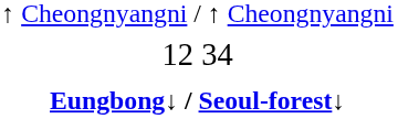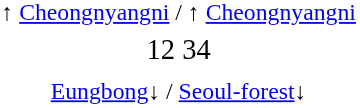 <table style="text-align:center;">
 <tr>
 <td><small>↑ <a href='#'>Cheongnyangni</a> / ↑ <a href='#'>Cheongnyangni</a> <br></small></td>
 </tr>
 <tr>
 <td> <span>12</span>   <span>34</span> </td>
 </tr>
 <tr>
-<td><strong><small> <a href='#'>Eungbong</a>↓ / <a href='#'>Seoul-forest</a>↓ </small></strong></td>
+<td><small> <a href='#'>Eungbong</a>↓ / <a href='#'>Seoul-forest</a>↓ </small></td>
 </tr>
 </table>
